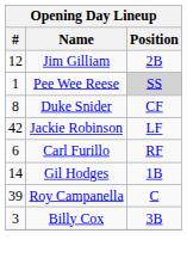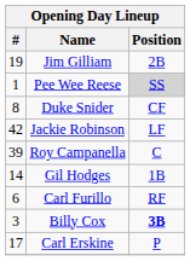 <table class="wikitable" style="text-align:center">
 <tr>
 <th colspan="3">Opening Day Lineup</th>
 </tr>
 <tr>
 <th>#</th>
 <th>Name</th>
 <th>Position</th>
 </tr>
 <tr>
-<td>12</td>
+<td>19</td>
 <td><a href='#'>Jim Gilliam</a></td>
 <td><a href='#'>2B</a></td>
 </tr>
 <tr>
 <td>1</td>
 <td><a href='#'>Pee Wee Reese</a></td>
 <td style="background: lightgrey;"><a href='#'>SS</a></td>
 </tr>
 <tr>
 <td>8</td>
 <td><a href='#'>Duke Snider</a></td>
 <td><a href='#'>CF</a></td>
 </tr>
 <tr>
 <td>42</td>
 <td><a href='#'>Jackie Robinson</a></td>
 <td><a href='#'>LF</a></td>
 </tr>
 <tr>
-<td>6</td>
-<td><a href='#'>Carl Furillo</a></td>
-<td><a href='#'>RF</a></td>
+<td>39</td>
+<td><a href='#'>Roy Campanella</a></td>
+<td><a href='#'>C</a></td>
 </tr>
 <tr>
 <td>14</td>
 <td><a href='#'>Gil Hodges</a></td>
 <td><a href='#'>1B</a></td>
 </tr>
 <tr>
-<td>39</td>
-<td><a href='#'>Roy Campanella</a></td>
-<td><a href='#'>C</a></td>
+<td>6</td>
+<td><a href='#'>Carl Furillo</a></td>
+<td><a href='#'>RF</a></td>
 </tr>
 <tr>
 <td>3</td>
 <td><a href='#'>Billy Cox</a></td>
-<td><a href='#'>3B</a></td>
+<td><strong><a href='#'>3B</a></strong></td>
+</tr>
+<tr>
+<td>17</td>
+<td><a href='#'>Carl Erskine</a></td>
+<td><a href='#'>P</a></td>
 </tr>
 <tr>
 </tr>
 </table>
